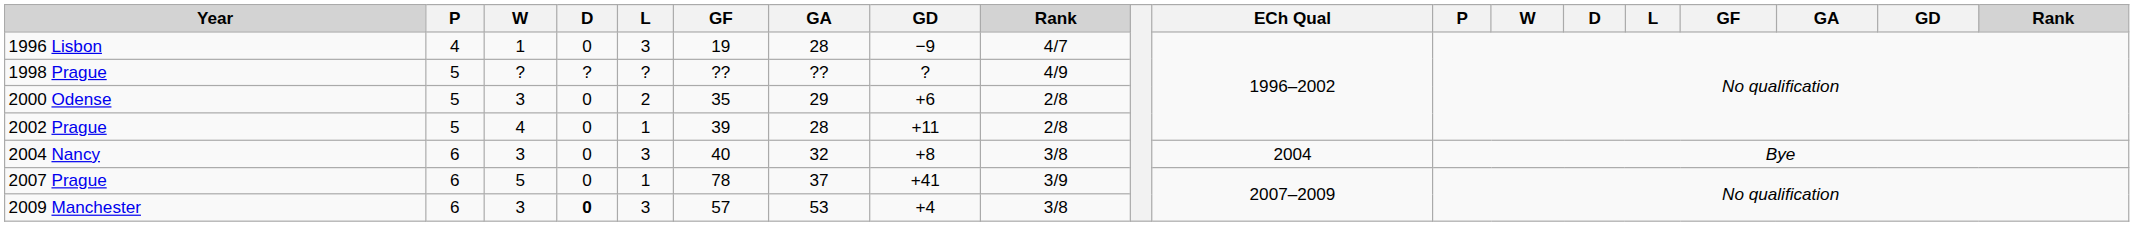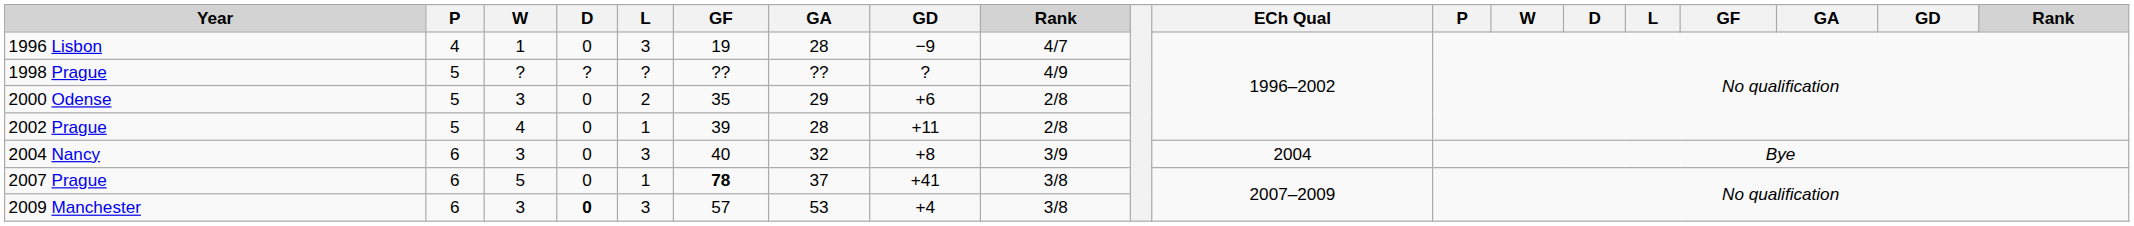 <table class="wikitable sortable" width=90% style="font-size:90%;text-align:center;white-space:nowrap;">
 <tr>
 <th style="background:lightgrey">Year</th>
 <th>P</th>
 <th>W</th>
 <th>D</th>
 <th>L</th>
 <th>GF</th>
 <th>GA</th>
 <th>GD</th>
 <th style="background:lightgrey">Rank</th>
 <th width=1% rowspan=18></th>
 <th>ECh Qual</th>
 <th>P</th>
 <th>W</th>
 <th>D</th>
 <th>L</th>
 <th>GF</th>
 <th>GA</th>
 <th>GD</th>
 <th style="background:lightgrey">Rank</th>
 </tr>
 <tr>
 <td style="text-align:left;">1996  <a href='#'>Lisbon</a></td>
 <td>4</td>
 <td>1</td>
 <td>0</td>
 <td>3</td>
 <td>19</td>
 <td>28</td>
 <td>−9</td>
 <td>4/7</td>
 <td rowspan=4>1996–2002</td>
 <td colspan=8 rowspan=4><em>No qualification</em></td>
 </tr>
 <tr>
 <td style="text-align:left;">1998  <a href='#'>Prague</a></td>
 <td>5</td>
 <td>?</td>
 <td>?</td>
 <td>?</td>
 <td>??</td>
 <td>??</td>
 <td>?</td>
 <td>4/9</td>
 </tr>
 <tr>
 <td style="text-align:left;">2000  <a href='#'>Odense</a></td>
 <td>5</td>
 <td>3</td>
 <td>0</td>
 <td>2</td>
 <td>35</td>
 <td>29</td>
 <td>+6</td>
 <td>2/8</td>
 </tr>
 <tr>
 <td style="text-align:left;">2002  <a href='#'>Prague</a></td>
 <td>5</td>
 <td>4</td>
 <td>0</td>
 <td>1</td>
 <td>39</td>
 <td>28</td>
 <td>+11</td>
 <td>2/8</td>
 </tr>
 <tr>
 <td style="text-align:left;">2004  <a href='#'>Nancy</a></td>
 <td>6</td>
 <td>3</td>
 <td>0</td>
 <td>3</td>
 <td>40</td>
 <td>32</td>
 <td>+8</td>
-<td>3/8</td>
+<td>3/9</td>
 <td>2004</td>
 <td colspan=8><em>Bye</em></td>
 </tr>
 <tr>
 <td style="text-align:left;">2007  <a href='#'>Prague</a></td>
 <td>6</td>
 <td>5</td>
 <td>0</td>
 <td>1</td>
-<td>78</td>
+<td><strong>78</strong></td>
 <td>37</td>
 <td>+41</td>
-<td>3/9</td>
+<td>3/8</td>
 <td rowspan=2>2007–2009</td>
 <td colspan=8 rowspan=2><em>No qualification</em></td>
 </tr>
 <tr>
 <td style="text-align:left;">2009  <a href='#'>Manchester</a></td>
 <td>6</td>
 <td>3</td>
 <td><strong>0</strong></td>
 <td>3</td>
 <td>57</td>
 <td>53</td>
 <td>+4</td>
 <td>3/8</td>
 </tr>
 </table>
